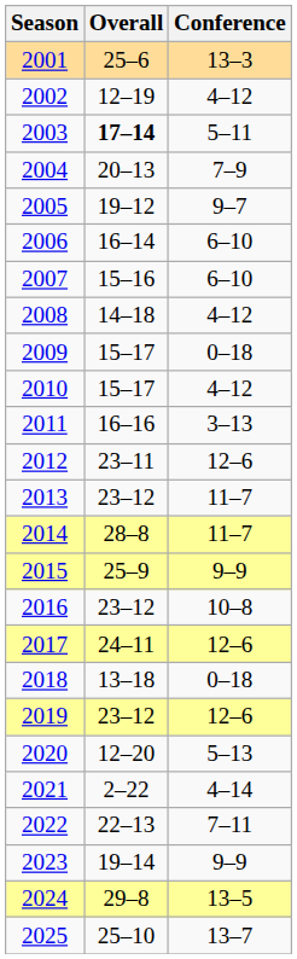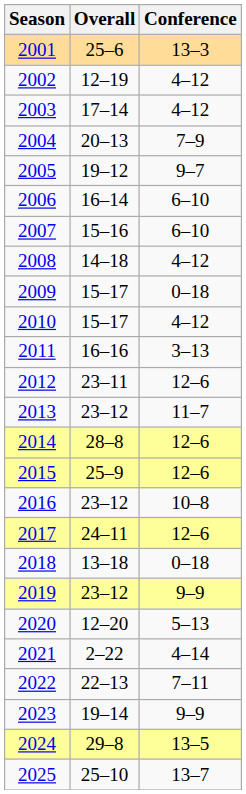 <table class="wikitable" style="text-align: center">
 <tr align=center>
 <th>Season</th>
 <th>Overall</th>
 <th>Conference</th>
 </tr>
 <tr style="background:#fd9;">
 <td><a href='#'>2001</a></td>
 <td style="background:#fd9;">25–6</td>
 <td style="background:#fd9;">13–3</td>
 </tr>
 <tr>
 <td><a href='#'>2002</a></td>
 <td>12–19</td>
 <td>4–12</td>
 </tr>
 <tr>
 <td><a href='#'>2003</a></td>
-<td><strong>17–14</strong></td>
-<td>5–11</td>
+<td>17–14</td>
+<td>4–12</td>
 </tr>
 <tr>
 <td><a href='#'>2004</a></td>
 <td>20–13</td>
 <td>7–9</td>
 </tr>
 <tr>
 <td><a href='#'>2005</a></td>
 <td>19–12</td>
 <td>9–7</td>
 </tr>
 <tr>
 <td><a href='#'>2006</a></td>
 <td>16–14</td>
 <td>6–10</td>
 </tr>
 <tr>
 <td><a href='#'>2007</a></td>
 <td>15–16</td>
 <td>6–10</td>
 </tr>
 <tr>
 <td><a href='#'>2008</a></td>
 <td>14–18</td>
 <td>4–12</td>
 </tr>
 <tr>
 <td><a href='#'>2009</a></td>
 <td>15–17</td>
 <td>0–18</td>
 </tr>
 <tr>
 <td><a href='#'>2010</a></td>
 <td>15–17</td>
 <td>4–12</td>
 </tr>
 <tr>
 <td><a href='#'>2011</a></td>
 <td>16–16</td>
 <td>3–13</td>
 </tr>
 <tr>
 <td><a href='#'>2012</a></td>
 <td>23–11</td>
 <td>12–6</td>
 </tr>
 <tr>
 <td><a href='#'>2013</a></td>
 <td>23–12</td>
 <td>11–7</td>
 </tr>
 <tr style="background:#ff9;">
 <td><a href='#'>2014</a></td>
 <td style="background:#ff9;">28–8</td>
-<td style="background:#ff9;">11–7</td>
+<td style="background:#ff9;">12–6</td>
 </tr>
 <tr style="background:#ff9;">
 <td><a href='#'>2015</a></td>
 <td style="background:#ff9;">25–9</td>
-<td style="background:#ff9;">9–9</td>
+<td style="background:#ff9;">12–6</td>
 </tr>
 <tr>
 <td><a href='#'>2016</a></td>
 <td>23–12</td>
 <td>10–8</td>
 </tr>
 <tr style="background:#ff9;">
 <td><a href='#'>2017</a></td>
 <td style="background:#ff9;">24–11</td>
 <td style="background:#ff9;">12–6</td>
 </tr>
 <tr>
 <td><a href='#'>2018</a></td>
 <td>13–18</td>
 <td>0–18</td>
 </tr>
 <tr style="background:#ff9;">
 <td><a href='#'>2019</a></td>
 <td style="background:#ff9;">23–12</td>
-<td style="background:#ff9;">12–6</td>
+<td style="background:#ff9;">9–9</td>
 </tr>
 <tr>
 <td><a href='#'>2020</a></td>
 <td>12–20</td>
 <td>5–13</td>
 </tr>
 <tr>
 <td><a href='#'>2021</a></td>
 <td>2–22</td>
 <td>4–14</td>
 </tr>
 <tr>
 <td><a href='#'>2022</a></td>
 <td>22–13</td>
 <td>7–11</td>
 </tr>
 <tr>
 <td><a href='#'>2023</a></td>
 <td>19–14</td>
 <td>9–9</td>
 </tr>
 <tr style="background:#ff9;">
 <td><a href='#'>2024</a></td>
 <td style="background:#ff9;">29–8</td>
 <td style="background:#ff9;">13–5</td>
 </tr>
 <tr>
 <td><a href='#'>2025</a></td>
 <td>25–10</td>
 <td>13–7</td>
 </tr>
 </table>
